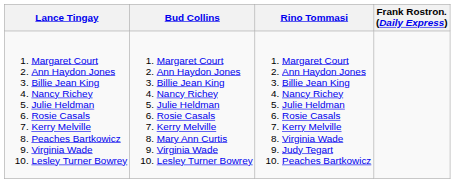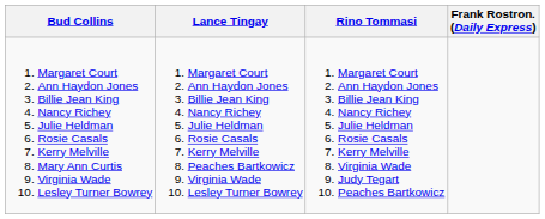 <table class="wikitable">
 <tr>
+<th><a href='#'>Bud Collins</a></th>
 <th><a href='#'>Lance Tingay</a><strong> </strong></th>
-<th><a href='#'>Bud Collins</a></th>
 <th><a href='#'>Rino Tommasi</a></th>
 <th>Frank Rostron<em>.</em><br>(<em><a href='#'>Daily Express</a></em>)</th>
 </tr>
 <tr style="vertical-align: top;">
+<td style="white-space: nowrap;"><br><ol><li> <a href='#'>Margaret Court</a></li><li> <a href='#'>Ann Haydon Jones</a></li><li> <a href='#'>Billie Jean King</a></li><li> <a href='#'>Nancy Richey</a></li><li> <a href='#'>Julie Heldman</a></li><li> <a href='#'>Rosie Casals</a></li><li> <a href='#'>Kerry Melville</a></li><li> <a href='#'>Mary Ann Curtis</a></li><li> <a href='#'>Virginia Wade</a></li><li> <a href='#'>Lesley Turner Bowrey</a></li></ol></td>
 <td style="white-space: nowrap;"><br><ol><li> <a href='#'>Margaret Court</a></li><li> <a href='#'>Ann Haydon Jones</a></li><li> <a href='#'>Billie Jean King</a></li><li> <a href='#'>Nancy Richey</a></li><li> <a href='#'>Julie Heldman</a></li><li> <a href='#'>Rosie Casals</a></li><li> <a href='#'>Kerry Melville</a></li><li> <a href='#'>Peaches Bartkowicz</a></li><li> <a href='#'>Virginia Wade</a></li><li> <a href='#'>Lesley Turner Bowrey</a></li></ol></td>
-<td style="white-space: nowrap;"><br><ol><li> <a href='#'>Margaret Court</a></li><li> <a href='#'>Ann Haydon Jones</a></li><li> <a href='#'>Billie Jean King</a></li><li> <a href='#'>Nancy Richey</a></li><li> <a href='#'>Julie Heldman</a></li><li> <a href='#'>Rosie Casals</a></li><li> <a href='#'>Kerry Melville</a></li><li> <a href='#'>Mary Ann Curtis</a></li><li> <a href='#'>Virginia Wade</a></li><li> <a href='#'>Lesley Turner Bowrey</a></li></ol></td>
 <td style="white-space: nowrap;"><br><ol><li> <a href='#'>Margaret Court</a></li><li> <a href='#'>Ann Haydon Jones</a></li><li> <a href='#'>Billie Jean King</a></li><li> <a href='#'>Nancy Richey</a></li><li> <a href='#'>Julie Heldman</a></li><li> <a href='#'>Rosie Casals</a></li><li> <a href='#'>Kerry Melville</a></li><li> <a href='#'>Virginia Wade</a></li><li> <a href='#'>Judy Tegart</a></li><li> <a href='#'>Peaches Bartkowicz</a></li></ol></td>
 <td style="white-space: nowrap;"><br></td>
 </tr>
 </table>
